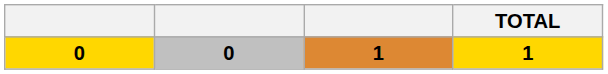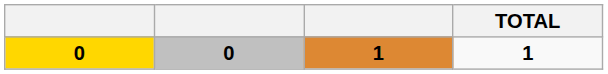 <table class="wikitable" style="font-size:90%">
 <tr>
 <th style="width:100px;"></th>
 <th style="width:100px;"></th>
 <th style="width:100px;"></th>
 <th style="width:100px;">TOTAL</th>
 </tr>
 <tr>
 <td style="text-align:center; background:gold;"><strong>0</strong></td>
 <td style="text-align:center; background:silver;"><strong>0</strong></td>
 <td style="text-align:center; background:#d83;"><strong>1</strong></td>
-<td style="background: gold; text-align:center;"><strong>1</strong></td>
+<td style="text-align:center;"><strong>1</strong></td>
 </tr>
 </table>
